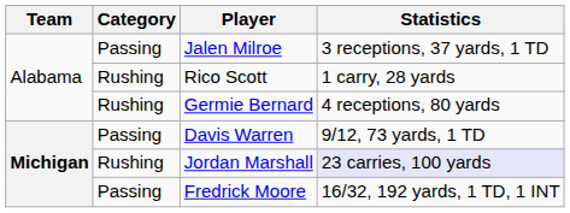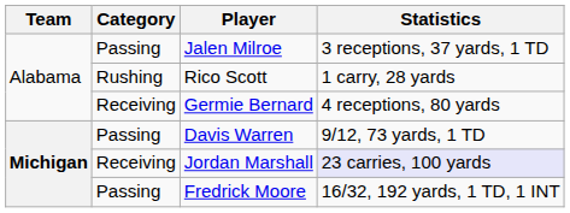 <table class="wikitable" style="float: right;">
 <tr>
 <th>Team</th>
 <th>Category</th>
 <th>Player</th>
 <th>Statistics</th>
 </tr>
 <tr>
 <td rowspan=3>Alabama</td>
 <td>Passing</td>
 <td><a href='#'>Jalen Milroe</a></td>
 <td>3 receptions, 37 yards, 1 TD</td>
 </tr>
 <tr>
 <td>Rushing</td>
 <td>Rico Scott</td>
 <td>1 carry, 28 yards</td>
 </tr>
 <tr>
-<td>Rushing</td>
+<td>Receiving</td>
 <td><a href='#'>Germie Bernard</a></td>
 <td>4 receptions, 80 yards</td>
 </tr>
 <tr>
 <th rowspan=3>Michigan</th>
 <td>Passing</td>
 <td><a href='#'>Davis Warren</a></td>
 <td>9/12, 73 yards, 1 TD</td>
 </tr>
 <tr>
-<td>Rushing</td>
+<td>Receiving</td>
 <td><a href='#'>Jordan Marshall</a></td>
 <td style="background: lavender;">23 carries, 100 yards</td>
 </tr>
 <tr>
 <td>Passing</td>
 <td><a href='#'>Fredrick Moore</a></td>
 <td>16/32, 192 yards, 1 TD, 1 INT</td>
 </tr>
 </table>
